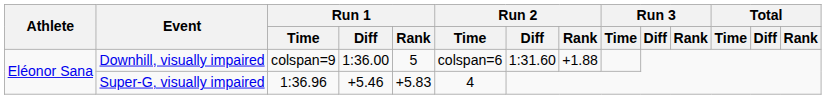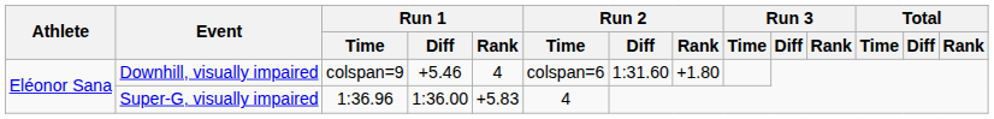 <table class="wikitable" style="font-size:100%">
 <tr>
 <th rowspan="2">Athlete</th>
 <th rowspan="2">Event</th>
 <th colspan="3">Run 1</th>
 <th colspan="3">Run 2</th>
 <th colspan="3">Run 3</th>
 <th colspan="3">Total</th>
 </tr>
 <tr>
 <th>Time</th>
 <th>Diff</th>
 <th>Rank</th>
 <th>Time</th>
 <th>Diff</th>
 <th>Rank</th>
 <th>Time</th>
 <th>Diff</th>
 <th>Rank</th>
 <th>Time</th>
 <th>Diff</th>
 <th>Rank</th>
 </tr>
 <tr>
 <td rowspan=2><a href='#'>Eléonor Sana</a></td>
 <td><a href='#'>Downhill, visually impaired</a></td>
 <td>colspan=9 </td>
-<td align="center">1:36.00</td>
-<td align="center">5</td>
+<td align="center">+5.46</td>
+<td align="center">4</td>
 <td>colspan=6 </td>
 <td align="center">1:31.60</td>
-<td align="center">+1.88</td>
+<td align="center">+1.80</td>
 <td align="center"></td>
 </tr>
 <tr>
 <td><a href='#'>Super-G, visually impaired</a></td>
 <td align="center">1:36.96</td>
-<td align="center">+5.46</td>
+<td align="center">1:36.00</td>
 <td align="center">+5.83</td>
 <td align="center">4</td>
 </tr>
 </table>
